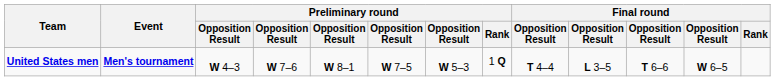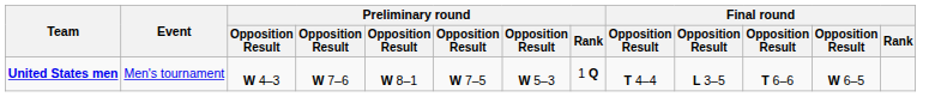 <table class=wikitable style=font-size:90%>
 <tr>
 <th rowspan=2>Team</th>
 <th rowspan=2>Event</th>
 <th colspan=6>Preliminary round</th>
 <th colspan=5>Final round</th>
 </tr>
 <tr style=font-size:95%>
 <th>Opposition<br>Result</th>
 <th>Opposition<br>Result</th>
 <th>Opposition<br>Result</th>
 <th>Opposition<br>Result</th>
 <th>Opposition<br>Result</th>
 <th>Rank</th>
 <th>Opposition<br>Result</th>
 <th>Opposition<br>Result</th>
 <th>Opposition<br>Result</th>
 <th>Opposition<br>Result</th>
 <th>Rank</th>
 </tr>
 <tr align=center>
 <td align=left><strong><a href='#'>United States men</a></strong></td>
-<td align=left><strong><a href='#'>Men's tournament</a></strong></td>
+<td align=left><a href='#'>Men's tournament</a></td>
 <td><br><strong>W</strong> 4–3</td>
 <td><br><strong>W</strong> 7–6</td>
 <td><br><strong>W</strong> 8–1</td>
 <td><br><strong>W</strong> 7–5</td>
 <td><br><strong>W</strong> 5–3</td>
 <td>1 <strong>Q</strong></td>
 <td><br><strong>T</strong> 4–4</td>
 <td><br><strong>L</strong> 3–5</td>
 <td><br><strong>T</strong> 6–6</td>
 <td><br><strong>W</strong> 6–5</td>
 <td></td>
 </tr>
 </table>
